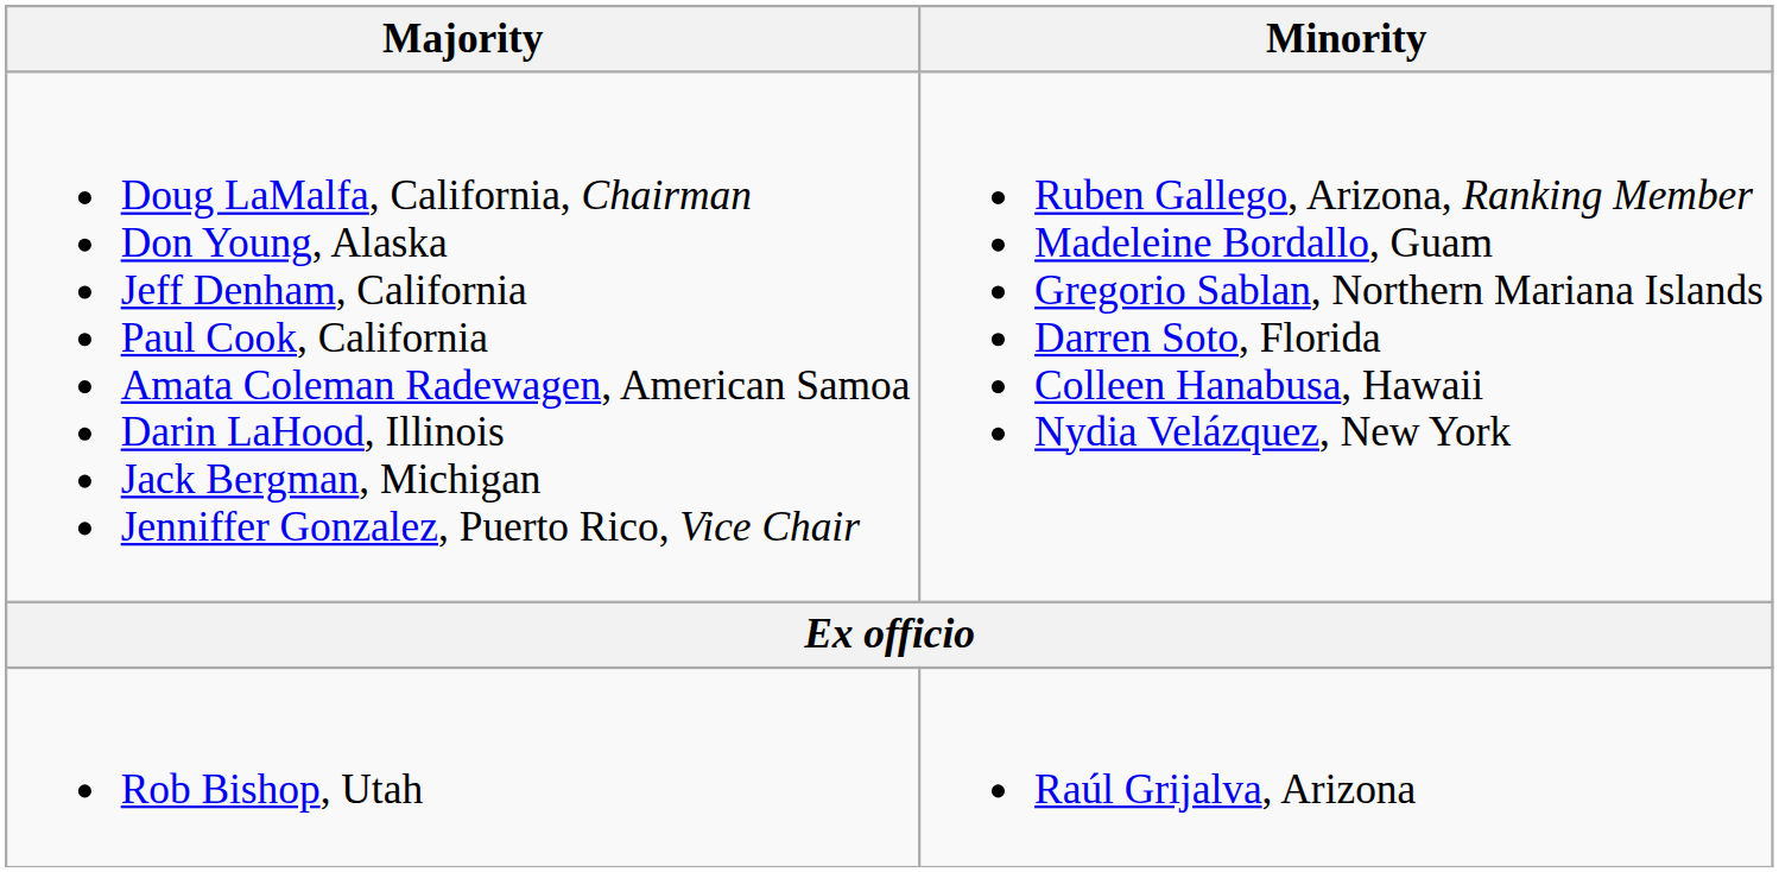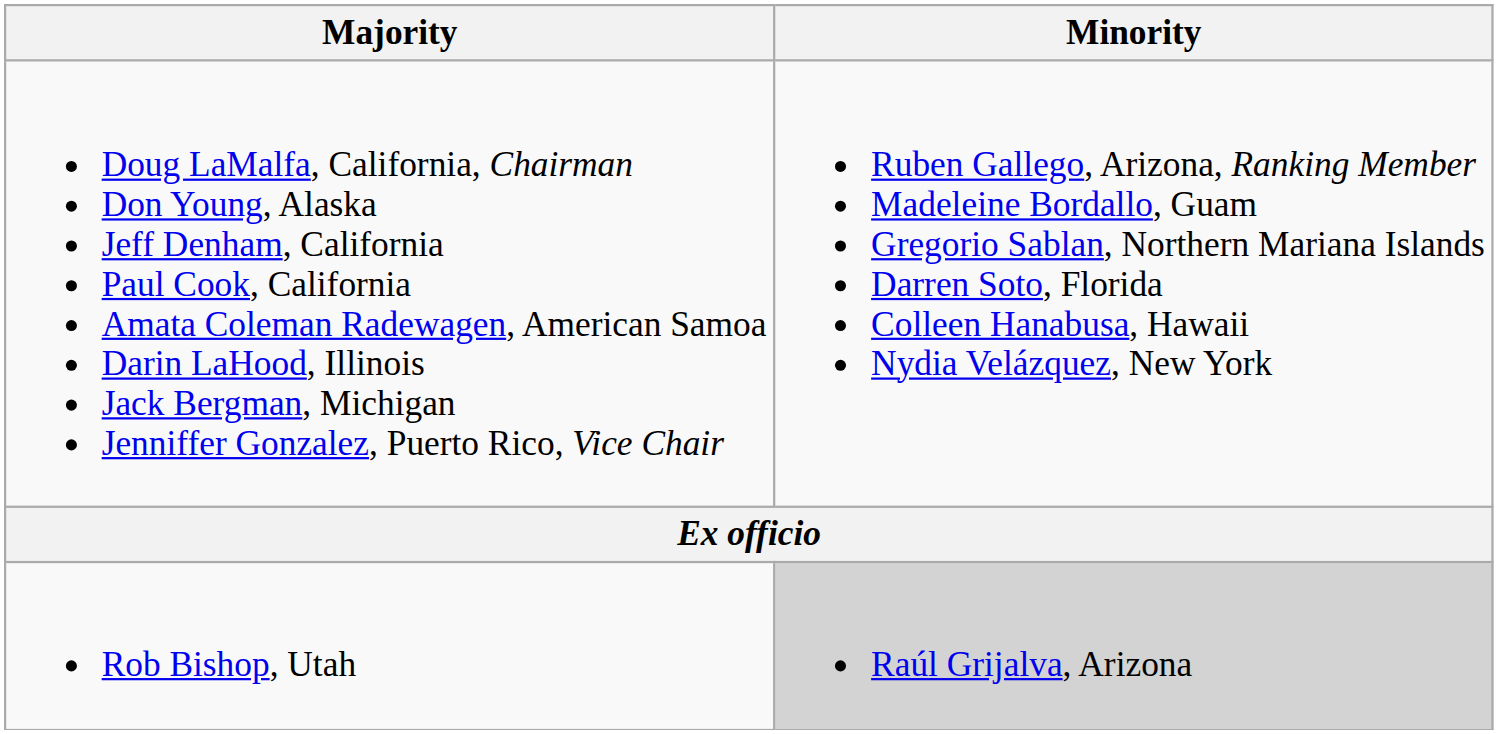 <table class=wikitable>
 <tr>
 <th>Majority</th>
 <th>Minority</th>
 </tr>
 <tr valign=top>
 <td><br><ul><li><a href='#'>Doug LaMalfa</a>, California, <em>Chairman</em></li><li><a href='#'>Don Young</a>, Alaska</li><li><a href='#'>Jeff Denham</a>, California</li><li><a href='#'>Paul Cook</a>, California</li><li><a href='#'>Amata Coleman Radewagen</a>, American Samoa</li><li><a href='#'>Darin LaHood</a>, Illinois</li><li><a href='#'>Jack Bergman</a>, Michigan</li><li><a href='#'>Jenniffer Gonzalez</a>, Puerto Rico, <em>Vice Chair</em></li></ul></td>
 <td><br><ul><li><a href='#'>Ruben Gallego</a>, Arizona, <em>Ranking Member</em></li><li><a href='#'>Madeleine Bordallo</a>, Guam</li><li><span><a href='#'>Gregorio Sablan</a>, Northern Mariana Islands</span></li><li><a href='#'>Darren Soto</a>, Florida</li><li><a href='#'>Colleen Hanabusa</a>, Hawaii</li><li><a href='#'>Nydia Velázquez</a>, New York</li></ul></td>
 </tr>
 <tr>
 <th colspan=2><em>Ex officio</em></th>
 </tr>
 <tr>
 <td><br><ul><li><a href='#'>Rob Bishop</a>, Utah</li></ul></td>
-<td><br><ul><li><a href='#'>Raúl Grijalva</a>, Arizona</li></ul></td>
+<td style="background: lightgrey;"><br><ul><li><a href='#'>Raúl Grijalva</a>, Arizona</li></ul></td>
 </tr>
 </table>
